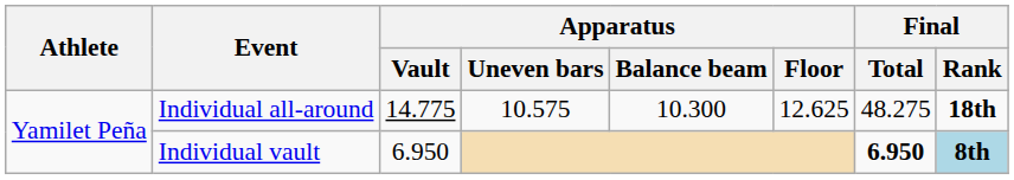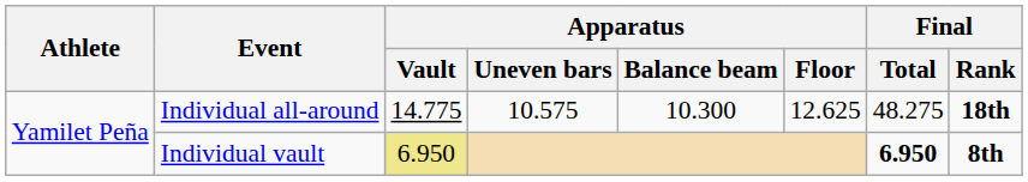 <table class="wikitable" style="font-size:90%">
 <tr>
 <th rowspan="2">Athlete</th>
 <th rowspan="2">Event</th>
 <th colspan = "4">Apparatus</th>
 <th colspan = "2">Final</th>
 </tr>
 <tr>
 <th>Vault</th>
 <th>Uneven bars</th>
 <th>Balance beam</th>
 <th>Floor</th>
 <th>Total</th>
 <th>Rank</th>
 </tr>
 <tr>
 <td rowspan=2><a href='#'>Yamilet Peña</a></td>
 <td><a href='#'>Individual all-around</a></td>
 <td align=center><u>14.775</u></td>
 <td align=center>10.575</td>
 <td align=center>10.300</td>
 <td align=center>12.625</td>
 <td align=center>48.275</td>
 <td align=center><strong>18th</strong></td>
 </tr>
 <tr>
 <td><a href='#'>Individual vault</a></td>
-<td align=center>6.950</td>
+<td align=center style="background: khaki;">6.950</td>
 <td align=center colspan=3 bgcolor=wheat></td>
 <td align=center><strong>6.950</strong></td>
-<td align=center style="background: lightblue;"><strong>8th</strong></td>
+<td align=center><strong>8th</strong></td>
 </tr>
 </table>
